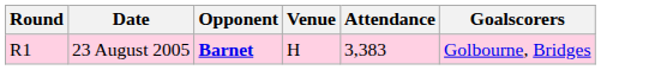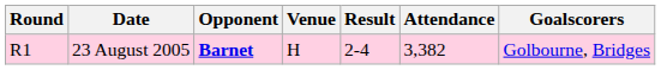 <table class="wikitable">
 <tr>
 <th>Round</th>
 <th>Date</th>
 <th>Opponent</th>
 <th>Venue</th>
+<th>Result</th>
 <th>Attendance</th>
 <th>Goalscorers</th>
 </tr>
 <tr style="background-color: #ffd0e3;">
 <td>R1</td>
 <td>23 August 2005</td>
 <td><strong><a href='#'>Barnet</a></strong></td>
 <td>H</td>
-<td>3,383</td>
+<td>2-4</td>
+<td>3,382</td>
 <td><a href='#'>Golbourne</a>, <a href='#'>Bridges</a></td>
 </tr>
 </table>
